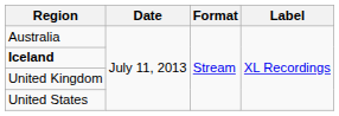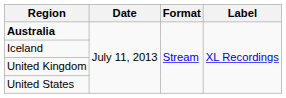 <table class="wikitable plainrowheaders">
 <tr>
 <th>Region</th>
 <th>Date</th>
 <th>Format</th>
 <th>Label</th>
 </tr>
 <tr>
-<td>Australia</td>
+<td><strong>Australia</strong></td>
 <td rowspan="4">July 11, 2013</td>
 <td rowspan="4"><a href='#'>Stream</a></td>
 <td rowspan="4"><a href='#'>XL Recordings</a></td>
 </tr>
 <tr>
-<td><strong>Iceland</strong></td>
+<td>Iceland</td>
 </tr>
 <tr>
 <td>United Kingdom</td>
 </tr>
 <tr>
 <td>United States</td>
 </tr>
 </table>
